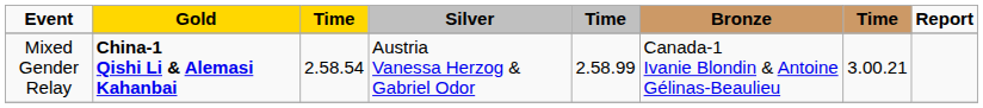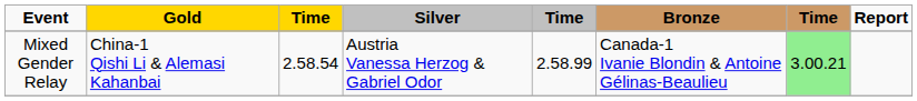 <table class="wikitable">
 <tr>
 <td width="80" align="center"><strong>Event</strong></td>
 <td width="240" bgcolor="gold" align="center"><strong>Gold</strong></td>
 <td width="50" bgcolor="gold" align="center"><strong>Time</strong></td>
 <td width="240" bgcolor="silver" align="center"><strong>Silver</strong></td>
 <td width="50" bgcolor="silver" align="center"><strong>Time</strong></td>
 <td width="240" bgcolor="#CC9966" align="center"><strong>Bronze</strong></td>
 <td width="50" bgcolor="#CC9966" align="center"><strong>Time</strong></td>
 <td width="50" align="center"><strong>Report</strong></td>
 </tr>
 <tr bgcolor="#cccccc">
 </tr>
 <tr>
 <td align="center">Mixed Gender Relay</td>
-<td><strong> China-1 <br><a href='#'>Qishi Li</a> & <a href='#'>Alemasi Kahanbai</a></strong></td>
+<td> China-1 <br><a href='#'>Qishi Li</a> & <a href='#'>Alemasi Kahanbai</a></td>
 <td align="right">2.58.54</td>
 <td> Austria <br><a href='#'>Vanessa Herzog</a> & <a href='#'>Gabriel Odor</a></td>
 <td align="right">2.58.99</td>
 <td> Canada-1 <br><a href='#'>Ivanie Blondin</a> & <a href='#'>Antoine Gélinas-Beaulieu</a></td>
-<td align="right">3.00.21</td>
+<td align="right" style="background: lightgreen;">3.00.21</td>
 <td align="center"></td>
 </tr>
 <tr>
 </tr>
 </table>
